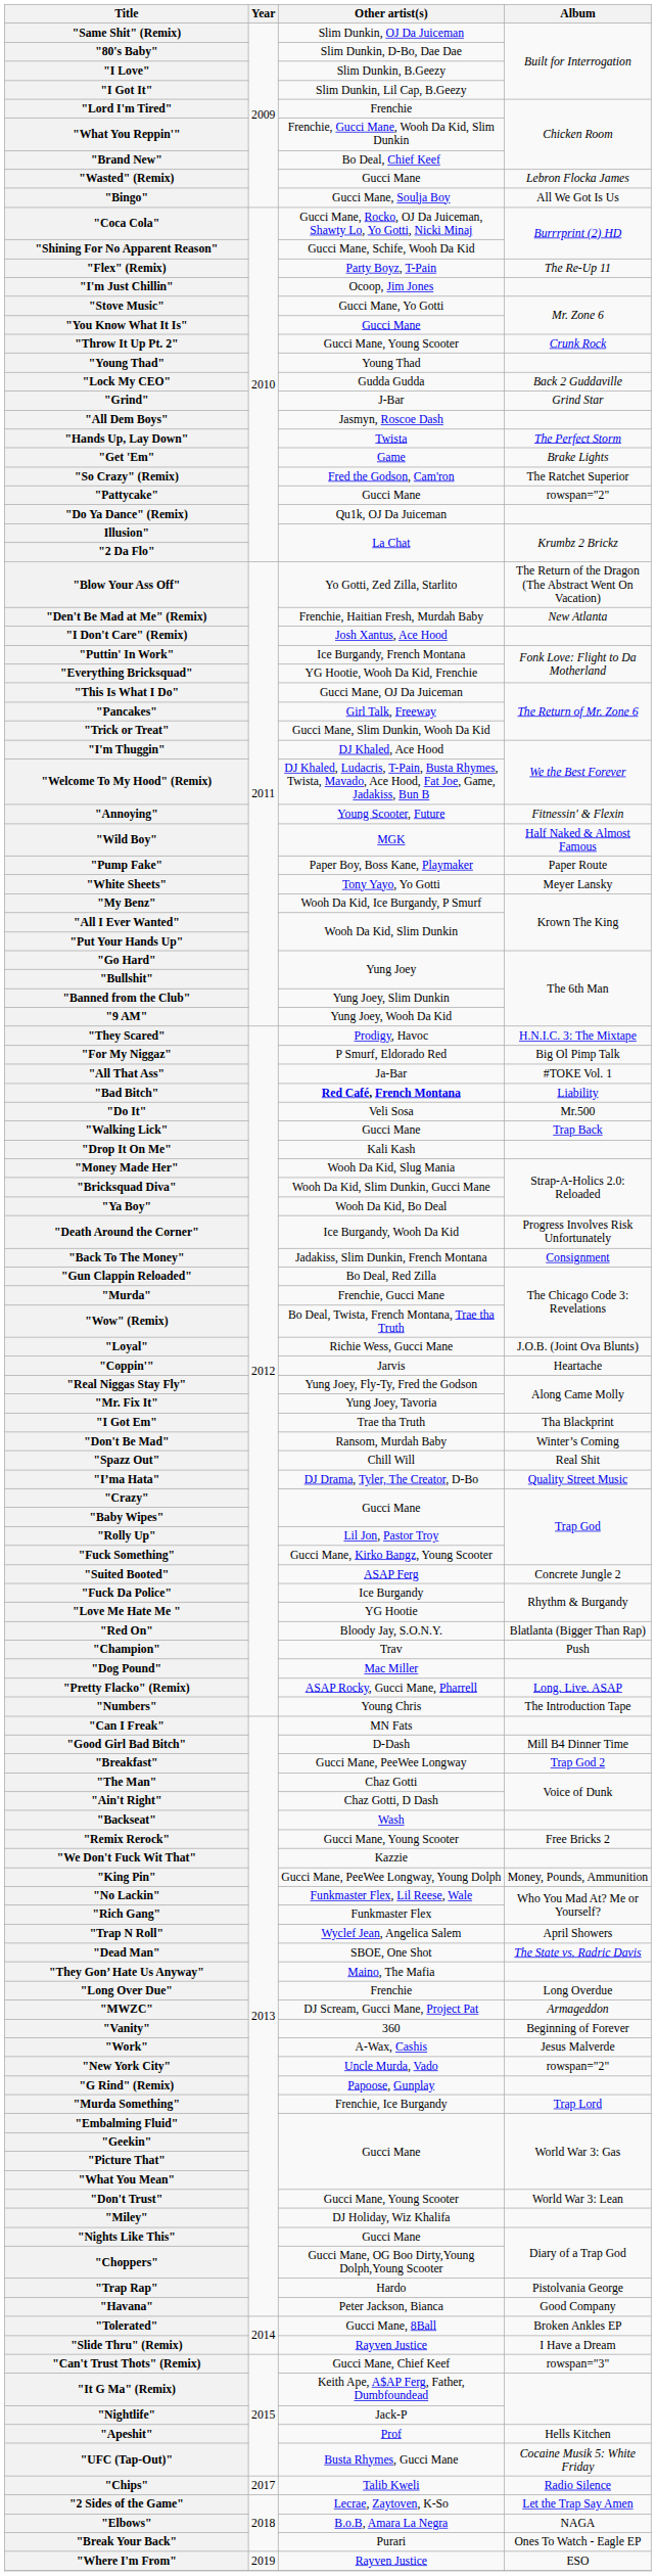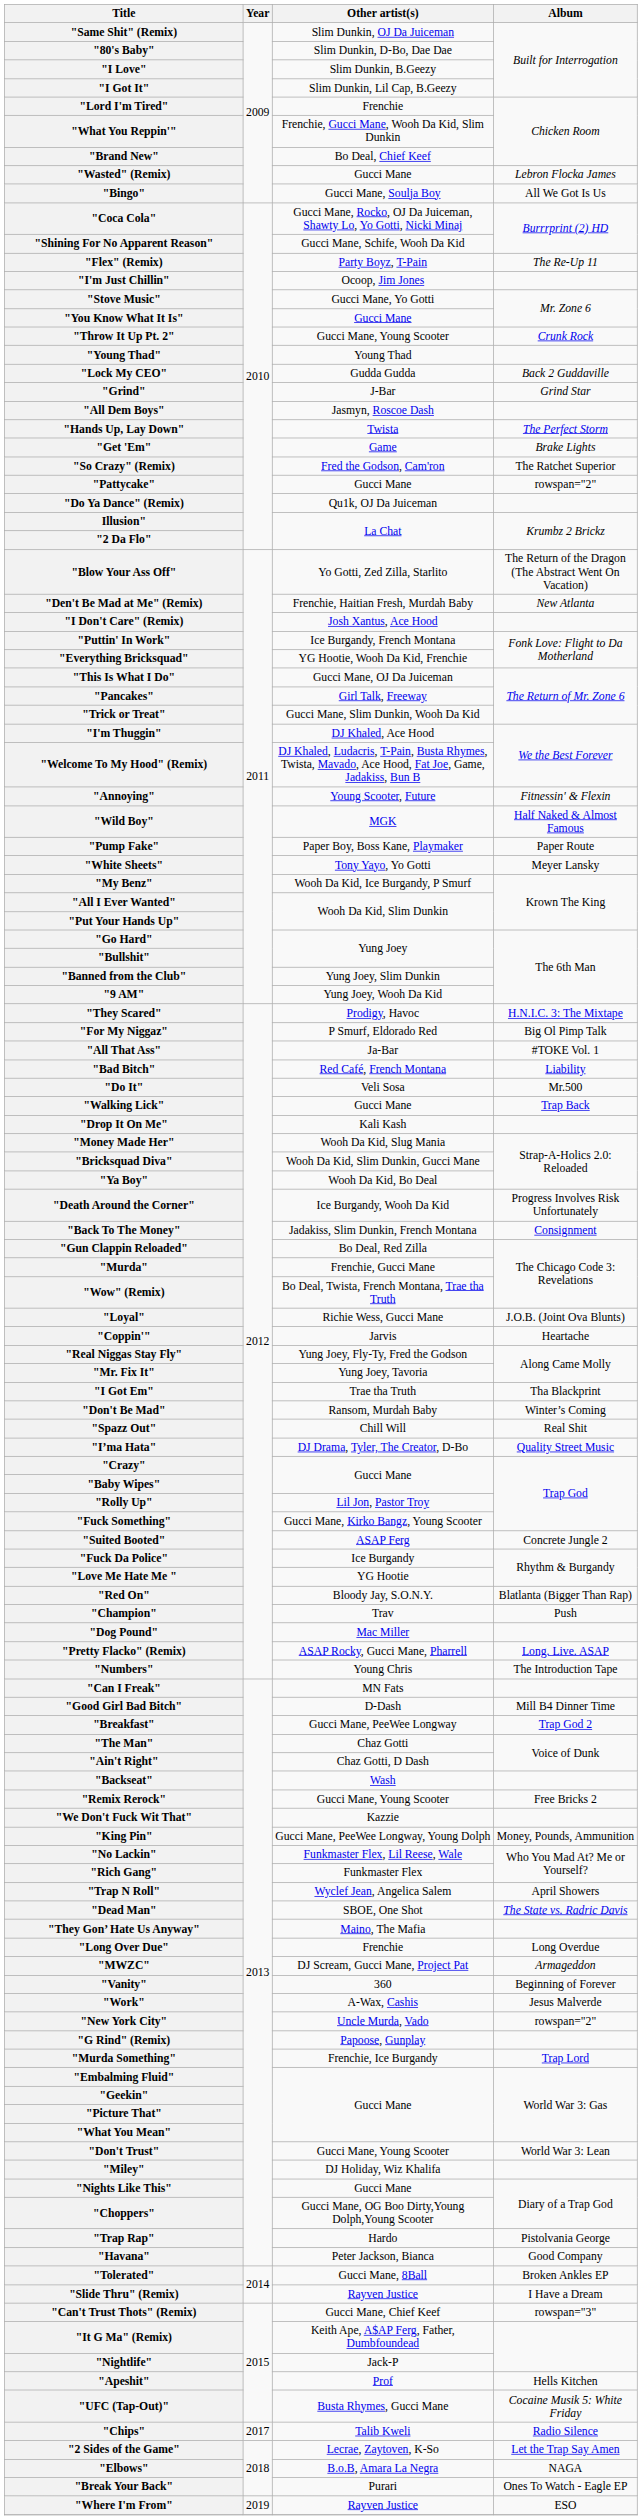 <table class="wikitable plainrowheaders" style="text-align:center;">
 <tr>
 <th scope="col" style="width:20em;">Title</th>
 <th scope="col">Year</th>
 <th scope="col">Other artist(s)</th>
 <th scope="col">Album</th>
 </tr>
 <tr>
 <th scope="row">"Same Shit" (Remix)</th>
 <td rowspan="9">2009</td>
 <td>Slim Dunkin, <a href='#'>OJ Da Juiceman</a></td>
 <td rowspan="4"><em>Built for Interrogation</em></td>
 </tr>
 <tr>
 <th scope="row">"80's Baby"</th>
 <td>Slim Dunkin, D-Bo, Dae Dae</td>
 </tr>
 <tr>
 <th scope="row">"I Love"</th>
 <td>Slim Dunkin, B.Geezy</td>
 </tr>
 <tr>
 <th scope="row">"I Got It"</th>
 <td>Slim Dunkin, Lil Cap, B.Geezy</td>
 </tr>
 <tr>
 <th scope="row">"Lord I'm Tired"</th>
 <td>Frenchie</td>
 <td rowspan="3"><em>Chicken Room</em></td>
 </tr>
 <tr>
 <th scope="row">"What You Reppin'"</th>
 <td>Frenchie, <a href='#'>Gucci Mane</a>, Wooh Da Kid, Slim Dunkin</td>
 </tr>
 <tr>
 <th scope="row">"Brand New"</th>
 <td>Bo Deal, <a href='#'>Chief Keef</a></td>
 </tr>
 <tr>
 <th scope="row">"Wasted" (Remix)</th>
 <td>Gucci Mane</td>
 <td><em>Lebron Flocka James</em></td>
 </tr>
 <tr>
 <th scope="row">"Bingo"</th>
 <td>Gucci Mane, <a href='#'>Soulja Boy</a></td>
 <td></em>All We Got Is Us<em></td>
 </tr>
 <tr>
 <th scope="row">"Coca Cola"</th>
 <td rowspan="18">2010</td>
 <td>Gucci Mane, <a href='#'>Rocko</a>, OJ Da Juiceman, <a href='#'>Shawty Lo</a>, <a href='#'>Yo Gotti</a>, <a href='#'>Nicki Minaj</a></td>
 <td rowspan="2"><em><a href='#'>Burrrprint (2) HD</a></em></td>
 </tr>
 <tr>
 <th scope="row">"Shining For No Apparent Reason"</th>
 <td>Gucci Mane, Schife, Wooh Da Kid</td>
 </tr>
 <tr>
 <th scope="row">"Flex" (Remix)</th>
 <td><a href='#'>Party Boyz</a>, <a href='#'>T-Pain</a></td>
 <td><em>The Re-Up 11</em></td>
 </tr>
 <tr>
 <th scope="row">"I'm Just Chillin"</th>
 <td>Ocoop, <a href='#'>Jim Jones</a></td>
 <td></td>
 </tr>
 <tr>
 <th scope="row">"Stove Music"</th>
 <td>Gucci Mane, Yo Gotti</td>
 <td rowspan="2"><em>Mr. Zone 6</em></td>
 </tr>
 <tr>
 <th scope="row">"You Know What It Is"</th>
 <td><a href='#'>Gucci Mane</a></td>
 </tr>
 <tr>
 <th scope="row">"Throw It Up Pt. 2"</th>
 <td>Gucci Mane, Young Scooter</td>
 <td><em><a href='#'>Crunk Rock</a></em></td>
 </tr>
 <tr>
 <th scope="row">"Young Thad"</th>
 <td>Young Thad</td>
 <td></td>
 </tr>
 <tr>
 <th scope="row">"Lock My CEO"</th>
 <td>Gudda Gudda</td>
 <td><em>Back 2 Guddaville</em></td>
 </tr>
 <tr>
 <th scope="row">"Grind"</th>
 <td>J-Bar</td>
 <td><em>Grind Star</em></td>
 </tr>
 <tr>
 <th scope="row">"All Dem Boys"</th>
 <td>Jasmyn, <a href='#'>Roscoe Dash</a></td>
 <td></td>
 </tr>
 <tr>
 <th scope="row">"Hands Up, Lay Down"</th>
 <td><a href='#'>Twista</a></td>
 <td><em><a href='#'>The Perfect Storm</a></em></td>
 </tr>
 <tr>
 <th scope="row">"Get 'Em"</th>
 <td><a href='#'>Game</a></td>
 <td><em>Brake Lights</em></td>
 </tr>
 <tr>
 <th scope="row">"So Crazy" (Remix)</th>
 <td><a href='#'>Fred the Godson</a>, <a href='#'>Cam'ron</a></td>
 <td></em>The Ratchet Superior<em></td>
 </tr>
 <tr>
 <th scope="row">"Pattycake"</th>
 <td>Gucci Mane</td>
 <td>rowspan="2" </td>
 </tr>
 <tr>
 <th scope="row">"Do Ya Dance" (Remix)</th>
 <td>Qu1k, OJ Da Juiceman</td>
 </tr>
 <tr>
 <th scope="row">Illusion"</th>
 <td rowspan="2"><a href='#'>La Chat</a></td>
 <td rowspan="2"><em>Krumbz 2 Brickz</em></td>
 </tr>
 <tr>
 <th scope="row">"2 Da Flo"</th>
 </tr>
 <tr>
 <th scope="row">"Blow Your Ass Off"</th>
 <td rowspan="21">2011</td>
 <td>Yo Gotti, Zed Zilla, Starlito</td>
 <td></em>The Return of the Dragon (The Abstract Went On Vacation)<em></td>
 </tr>
 <tr>
 <th scope="row">"Den't Be Mad at Me" (Remix)</th>
 <td>Frenchie, Haitian Fresh, Murdah Baby</td>
 <td><em>New Atlanta</em></td>
 </tr>
 <tr>
 <th scope="row">"I Don't Care" (Remix)</th>
 <td><a href='#'>Josh Xantus</a>, <a href='#'>Ace Hood</a></td>
 <td></td>
 </tr>
 <tr>
 <th scope="row">"Puttin' In Work"</th>
 <td>Ice Burgandy, French Montana</td>
 <td rowspan="2"><em>Fonk Love: Flight to Da Motherland</em></td>
 </tr>
 <tr>
 <th scope="row">"Everything Bricksquad"</th>
 <td>YG Hootie, Wooh Da Kid, Frenchie</td>
 </tr>
 <tr>
 <th scope="row">"This Is What I Do"</th>
 <td>Gucci Mane, OJ Da Juiceman</td>
 <td rowspan="3"><em><a href='#'>The Return of Mr. Zone 6</a></em></td>
 </tr>
 <tr>
 <th scope="row">"Pancakes"</th>
 <td><a href='#'>Girl Talk</a>, <a href='#'>Freeway</a></td>
 </tr>
 <tr>
 <th scope="row">"Trick or Treat"</th>
 <td>Gucci Mane, Slim Dunkin,  Wooh Da Kid</td>
 </tr>
 <tr>
 <th scope="row">"I'm Thuggin"</th>
 <td><a href='#'>DJ Khaled</a>, Ace Hood</td>
 <td rowspan="2"><em><a href='#'>We the Best Forever</a></em></td>
 </tr>
 <tr>
 <th scope="row">"Welcome To My Hood" (Remix)</th>
 <td><a href='#'>DJ Khaled</a>, <a href='#'>Ludacris</a>, <a href='#'>T-Pain</a>, <a href='#'>Busta Rhymes</a>, Twista, <a href='#'>Mavado</a>, Ace Hood, <a href='#'>Fat Joe</a>, Game, <a href='#'>Jadakiss</a>, <a href='#'>Bun B</a></td>
 </tr>
 <tr>
 <th scope="row">"Annoying"</th>
 <td><a href='#'>Young Scooter</a>, <a href='#'>Future</a></td>
 <td><em>Fitnessin' & Flexin<strong></td>
 </tr>
 <tr>
 <th scope="row">"Wild Boy"</th>
 <td><a href='#'>MGK</a></td>
 <td></em><a href='#'>Half Naked & Almost Famous</a><em></td>
 </tr>
 <tr>
 <th scope="row">"Pump Fake"</th>
 <td>Paper Boy, Boss Kane, <a href='#'>Playmaker</a></td>
 <td></em>Paper Route<em></td>
 </tr>
 <tr>
 <th scope="row">"White Sheets"</th>
 <td><a href='#'>Tony Yayo</a>, Yo Gotti</td>
 <td></em> Meyer Lansky<em></td>
 </tr>
 <tr>
 <th scope="row">"My Benz"</th>
 <td>Wooh Da Kid, Ice Burgandy, P Smurf</td>
 <td rowspan="3"></em>Krown The King<em></td>
 </tr>
 <tr>
 <th scope="row">"All I Ever Wanted"</th>
 <td rowspan="2">Wooh Da Kid, Slim Dunkin</td>
 </tr>
 <tr>
 <th scope="row">"Put Your Hands Up"</th>
 </tr>
 <tr>
 <th scope="row">"Go Hard"</th>
 <td rowspan="2">Yung Joey</td>
 <td rowspan="4"></em>The 6th Man<em></td>
 </tr>
 <tr>
 <th scope="row">"Bullshit"</th>
 </tr>
 <tr>
 <th scope="row">"Banned from the Club"</th>
 <td>Yung Joey, Slim Dunkin</td>
 </tr>
 <tr>
 <th scope="row">"9 AM"</th>
 <td>Yung Joey, Wooh Da Kid</td>
 </tr>
 <tr>
 <th scope="row">"They Scared"</th>
 <td rowspan="35">2012</td>
 <td><a href='#'>Prodigy</a>, Havoc</td>
 <td></em><a href='#'>H.N.I.C. 3: The Mixtape</a><em></td>
 </tr>
 <tr>
 <th scope="row">"For My Niggaz"</th>
 <td>P Smurf, Eldorado Red</td>
 <td></em>Big Ol Pimp Talk<em></td>
 </tr>
 <tr>
 <th scope="row">"All That Ass"</th>
 <td>Ja-Bar</td>
 <td></em>#TOKE Vol. 1<em></td>
 </tr>
 <tr>
 <th scope="row">"Bad Bitch"</th>
-<td><strong><a href='#'>Red Café</a>, <a href='#'>French Montana</a></strong></td>
+<td><a href='#'>Red Café</a>, <a href='#'>French Montana</a></td>
 <td></em><a href='#'>Liability</a><em></td>
 </tr>
 <tr>
 <th scope="row">"Do It"</th>
 <td>Veli Sosa</td>
 <td></em>Mr.500<em></td>
 </tr>
 <tr>
 <th scope="row">"Walking Lick"</th>
 <td>Gucci Mane</td>
 <td></em><a href='#'>Trap Back</a><em></td>
 </tr>
 <tr>
 <th scope="row">"Drop It On Me"</th>
 <td>Kali Kash</td>
 <td></td>
 </tr>
 <tr>
 <th scope="row">"Money Made Her"</th>
 <td>Wooh Da Kid, Slug Mania</td>
 <td rowspan="3"></em>Strap-A-Holics 2.0: Reloaded<em></td>
 </tr>
 <tr>
 <th scope="row">"Bricksquad Diva"</th>
 <td>Wooh Da Kid, Slim Dunkin, Gucci Mane</td>
 </tr>
 <tr>
 <th scope="row">"Ya Boy"</th>
 <td>Wooh Da Kid, Bo Deal</td>
 </tr>
 <tr>
 <th scope="row">"Death Around the Corner"</th>
 <td>Ice Burgandy, Wooh Da Kid</td>
 <td></em>Progress Involves Risk Unfortunately<em></td>
 </tr>
 <tr>
 <th scope="row">"Back To The Money"</th>
 <td>Jadakiss, Slim Dunkin, French Montana</td>
 <td></em><a href='#'>Consignment</a><em></td>
 </tr>
 <tr>
 <th scope="row">"Gun Clappin Reloaded"</th>
 <td>Bo Deal, Red Zilla</td>
 <td rowspan="3"></em>The Chicago Code 3: Revelations<em></td>
 </tr>
 <tr>
 <th scope="row">"Murda"</th>
 <td>Frenchie, Gucci Mane</td>
 </tr>
 <tr>
 <th scope="row">"Wow" (Remix)</th>
 <td>Bo Deal, Twista, French Montana, <a href='#'>Trae tha Truth</a></td>
 </tr>
 <tr>
 <th scope="row">"Loyal"</th>
 <td>Richie Wess, Gucci Mane</td>
 <td></em>J.O.B. (Joint Ova Blunts)<em></td>
 </tr>
 <tr>
 <th scope="row">"Coppin'"</th>
 <td>Jarvis</td>
 <td></em>Heartache<em></td>
 </tr>
 <tr>
 <th scope="row">"Real Niggas Stay Fly"</th>
 <td>Yung Joey, Fly-Ty, Fred the Godson</td>
 <td rowspan="2"></em>Along Came Molly<em></td>
 </tr>
 <tr>
 <th scope="row">"Mr. Fix It"</th>
 <td>Yung Joey, Tavoria</td>
 </tr>
 <tr>
 <th scope="row">"I Got Em"</th>
 <td>Trae tha Truth</td>
 <td></em>Tha Blackprint<em></td>
 </tr>
 <tr>
 <th scope="row">"Don't Be Mad"</th>
 <td>Ransom, Murdah Baby</td>
 <td></em>Winter’s Coming<em></td>
 </tr>
 <tr>
 <th scope="row">"Spazz Out"</th>
 <td>Chill Will</td>
 <td></em>Real Shit<em></td>
 </tr>
 <tr>
 <th scope="row">"I’ma Hata"</th>
 <td><a href='#'>DJ Drama</a>, <a href='#'>Tyler, The Creator</a>, D-Bo</td>
 <td></em><a href='#'>Quality Street Music</a><em></td>
 </tr>
 <tr>
 <th scope="row">"Crazy"</th>
 <td rowspan="2">Gucci Mane</td>
 <td rowspan="4"></em><a href='#'>Trap God</a><em></td>
 </tr>
 <tr>
 <th scope="row">"Baby Wipes"</th>
 </tr>
 <tr>
 <th scope="row">"Rolly Up"</th>
 <td><a href='#'>Lil Jon</a>, <a href='#'>Pastor Troy</a></td>
 </tr>
 <tr>
 <th scope="row">"Fuck Something"</th>
 <td>Gucci Mane, <a href='#'>Kirko Bangz</a>, Young Scooter</td>
 </tr>
 <tr>
 <th scope="row">"Suited Booted"</th>
 <td><a href='#'>ASAP Ferg</a></td>
 <td></em>Concrete Jungle 2<em></td>
 </tr>
 <tr>
 <th scope="row">"Fuck Da Police"</th>
 <td>Ice Burgandy</td>
 <td rowspan="2"></em>Rhythm & Burgandy<em></td>
 </tr>
 <tr>
 <th scope="row">"Love Me Hate Me "</th>
 <td>YG Hootie</td>
 </tr>
 <tr>
 <th scope="row">"Red On"</th>
 <td>Bloody Jay, S.O.N.Y.</td>
 <td></em>Blatlanta (Bigger Than Rap)<em></td>
 </tr>
 <tr>
 <th scope="row">"Champion"</th>
 <td>Trav</td>
 <td></em>Push<em></td>
 </tr>
 <tr>
 <th scope="row">"Dog Pound"</th>
 <td><a href='#'>Mac Miller</a></td>
 <td></td>
 </tr>
 <tr>
 <th scope="row">"Pretty Flacko" (Remix)</th>
 <td><a href='#'>ASAP Rocky</a>, Gucci Mane, <a href='#'>Pharrell</a></td>
 <td></em><a href='#'>Long. Live. ASAP</a><em></td>
 </tr>
 <tr>
 <th scope="row">"Numbers"</th>
 <td>Young Chris</td>
 <td></em>The Introduction Tape<em></td>
 </tr>
 <tr>
 <th scope="row">"Can I Freak"</th>
 <td rowspan="31">2013</td>
 <td>MN Fats</td>
 <td></td>
 </tr>
 <tr>
 <th scope="row">"Good Girl Bad Bitch"</th>
 <td>D-Dash</td>
 <td></em>Mill B4 Dinner Time<em></td>
 </tr>
 <tr>
 <th scope="row">"Breakfast"</th>
 <td>Gucci Mane, PeeWee Longway</td>
 <td></em><a href='#'>Trap God 2</a><em></td>
 </tr>
 <tr>
 <th scope="row">"The Man"</th>
 <td>Chaz Gotti</td>
 <td rowspan="2"></em>Voice of Dunk<em></td>
 </tr>
 <tr>
 <th scope="row">"Ain't Right"</th>
 <td>Chaz Gotti, D Dash</td>
 </tr>
 <tr>
 <th scope="row">"Backseat"</th>
 <td><a href='#'>Wash</a></td>
 <td></td>
 </tr>
 <tr>
 <th scope="row">"Remix Rerock"</th>
 <td>Gucci Mane, Young Scooter</td>
 <td></em>Free Bricks 2<em></td>
 </tr>
 <tr>
 <th scope="row">"We Don't Fuck Wit That"</th>
 <td>Kazzie</td>
 <td></td>
 </tr>
 <tr>
 <th scope="row">"King Pin"</th>
 <td>Gucci Mane, PeeWee Longway, Young Dolph</td>
 <td></em>Money, Pounds, Ammunition<em></td>
 </tr>
 <tr>
 <th scope="row">"No Lackin"</th>
 <td><a href='#'>Funkmaster Flex</a>, <a href='#'>Lil Reese</a>, <a href='#'>Wale</a></td>
 <td rowspan="2"></em>Who You Mad At? Me or Yourself?<em></td>
 </tr>
 <tr>
 <th scope="row">"Rich Gang"</th>
 <td>Funkmaster Flex</td>
 </tr>
 <tr>
 <th scope="row">"Trap N Roll"</th>
 <td><a href='#'>Wyclef Jean</a>, Angelica Salem</td>
 <td></em>April Showers<em></td>
 </tr>
 <tr>
 <th scope="row">"Dead Man"</th>
 <td>SBOE, One Shot</td>
 <td><em><a href='#'>The State vs. Radric Davis</a></em></td>
 </tr>
 <tr>
 <th scope="row">"They Gon’ Hate Us Anyway"</th>
 <td><a href='#'>Maino</a>, The Mafia</td>
 <td></td>
 </tr>
 <tr>
 <th scope="row">"Long Over Due"</th>
 <td>Frenchie</td>
 <td></em>Long Overdue<em></td>
 </tr>
 <tr>
 <th scope="row">"MWZC"</th>
 <td>DJ Scream, Gucci Mane, <a href='#'>Project Pat</a></td>
 <td><em>Armageddon</em></td>
 </tr>
 <tr>
 <th scope="row">"Vanity"</th>
 <td>360</td>
 <td></em>Beginning of Forever<em></td>
 </tr>
 <tr>
 <th scope="row">"Work"</th>
 <td>A-Wax, <a href='#'>Cashis</a></td>
 <td></em>Jesus Malverde<em></td>
 </tr>
 <tr>
 <th scope="row">"New York City"</th>
 <td><a href='#'>Uncle Murda</a>, <a href='#'>Vado</a></td>
 <td>rowspan="2" </td>
 </tr>
 <tr>
 <th scope="row">"G Rind" (Remix)</th>
 <td><a href='#'>Papoose</a>, <a href='#'>Gunplay</a></td>
 </tr>
 <tr>
 <th scope="row">"Murda Something"</th>
 <td>Frenchie, Ice Burgandy</td>
 <td></em><a href='#'>Trap Lord</a><em></td>
 </tr>
 <tr>
 <th scope="row">"Embalming Fluid"</th>
 <td rowspan="4">Gucci Mane</td>
 <td rowspan="4"></em>World War 3: Gas<em></td>
 </tr>
 <tr>
 <th scope="row">"Geekin"</th>
 </tr>
 <tr>
 <th scope="row">"Picture That"</th>
 </tr>
 <tr>
 <th scope="row">"What You Mean"</th>
 </tr>
 <tr>
 <th scope="row">"Don't Trust"</th>
 <td>Gucci Mane, Young Scooter</td>
 <td></em>World War 3: Lean<em></td>
 </tr>
 <tr>
 <th scope="row">"Miley"</th>
 <td>DJ Holiday, Wiz Khalifa</td>
 <td></td>
 </tr>
 <tr>
 <th scope="row">"Nights Like This"</th>
 <td>Gucci Mane</td>
 <td rowspan="2"></em>Diary of a Trap God<em></td>
 </tr>
 <tr>
 <th scope="row">"Choppers"</th>
 <td>Gucci Mane, OG Boo Dirty,Young Dolph,Young Scooter</td>
 </tr>
 <tr>
 <th scope="row">"Trap Rap"</th>
 <td>Hardo</td>
 <td></em>Pistolvania George<em></td>
 </tr>
 <tr>
 <th scope="row">"Havana"</th>
 <td>Peter Jackson, Bianca</td>
 <td></em>Good Company<em></td>
 </tr>
 <tr>
 <th scope="row">"Tolerated"</th>
 <td rowspan="2">2014</td>
 <td>Gucci Mane, <a href='#'>8Ball</a></td>
 <td></em>Broken Ankles EP<em></td>
 </tr>
 <tr>
 <th scope="row">"Slide Thru" (Remix)</th>
 <td><a href='#'>Rayven Justice</a></td>
 <td></em>I Have a Dream<em></td>
 </tr>
 <tr>
 <th scope="row">"Can't Trust Thots" (Remix)</th>
 <td rowspan="5">2015</td>
 <td>Gucci Mane, Chief Keef</td>
 <td>rowspan="3" </td>
 </tr>
 <tr>
 <th scope="row">"It G Ma" (Remix)</th>
 <td>Keith Ape, <a href='#'>A$AP Ferg</a>, Father, <a href='#'>Dumbfoundead</a></td>
 </tr>
 <tr>
 <th scope="row">"Nightlife"</th>
 <td>Jack-P</td>
 </tr>
 <tr>
 <th scope="row">"Apeshit"</th>
 <td><a href='#'>Prof</a></td>
 <td></em>Hells Kitchen<em></td>
 </tr>
 <tr>
 <th scope="row">"UFC (Tap-Out)"</th>
 <td><a href='#'>Busta Rhymes</a>, Gucci Mane</td>
 <td><em>Cocaine Musik 5: White Friday</em></td>
 </tr>
 <tr>
 <th scope="row">"Chips"</th>
 <td rowspan="1">2017</td>
 <td><a href='#'>Talib Kweli</a></td>
 <td></em><a href='#'>Radio Silence</a><em></td>
 </tr>
 <tr>
 <th scope="row">"2 Sides of the Game"</th>
 <td rowspan="3">2018</td>
 <td><a href='#'>Lecrae</a>, <a href='#'>Zaytoven</a>, K-So</td>
 <td></em><a href='#'>Let the Trap Say Amen</a><em></td>
 </tr>
 <tr>
 <th scope="row">"Elbows"</th>
 <td><a href='#'>B.o.B</a>, <a href='#'>Amara La Negra</a></td>
 <td></em>NAGA<em></td>
 </tr>
 <tr>
 <th scope="row">"Break Your Back"</th>
 <td>Purari</td>
 <td></em>Ones To Watch - Eagle EP<em></td>
 </tr>
 <tr>
 <th scope="row">"Where I'm From"</th>
 <td rowspan="1">2019</td>
 <td><a href='#'>Rayven Justice</a></td>
 <td></em>ESO<em></td>
 </tr>
 <tr>
 </tr>
 </table>
